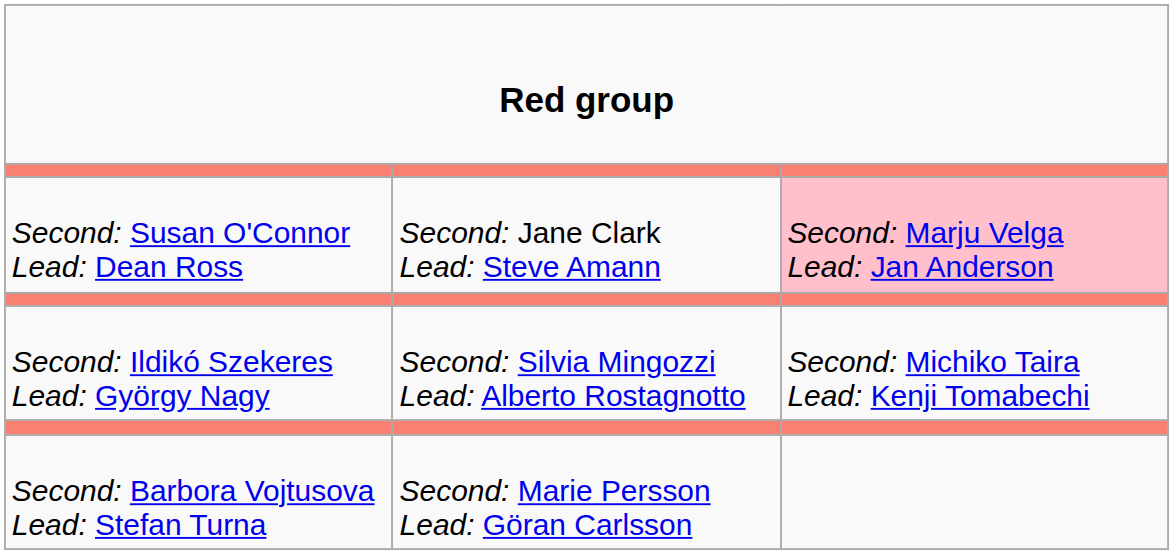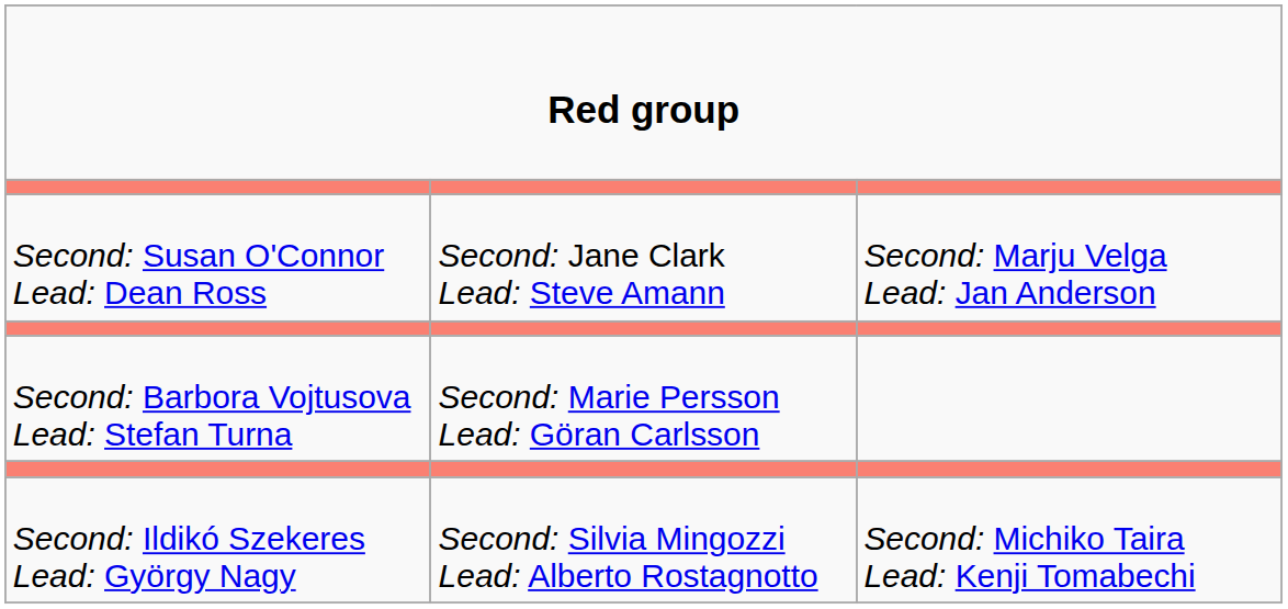 <table class="wikitable">
 <tr>
 <td align=center colspan="3"><br><h3>Red group</h3></td>
 </tr>
 <tr>
 <th style="background: #FA8072;" width="200"></th>
 <th style="background: #FA8072;" width="200"></th>
 <th style="background: #FA8072;" width="200"></th>
 </tr>
 <tr>
 <td><br><em>Second:</em> <a href='#'>Susan O'Connor</a><br> <em>Lead:</em> <a href='#'>Dean Ross</a></td>
 <td><br><em>Second:</em> Jane Clark<br> <em>Lead:</em> <a href='#'>Steve Amann</a></td>
-<td style="background: pink;"><br><em>Second:</em> <a href='#'>Marju Velga</a><br> <em>Lead:</em> <a href='#'>Jan Anderson</a></td>
+<td><br><em>Second:</em> <a href='#'>Marju Velga</a><br> <em>Lead:</em> <a href='#'>Jan Anderson</a></td>
+</tr>
+<tr>
+<th style="background: #FA8072;" width="200"></th>
+<th style="background: #FA8072;" width="200"></th>
+<th style="background: #FA8072;" width="200"></th>
+</tr>
+<tr>
+<td><br><em>Second:</em> <a href='#'>Barbora Vojtusova</a><br> <em>Lead:</em> <a href='#'>Stefan Turna</a></td>
+<td><br><em>Second:</em> <a href='#'>Marie Persson</a><br> <em>Lead:</em> <a href='#'>Göran Carlsson</a></td>
+<td></td>
 </tr>
 <tr>
 <th style="background: #FA8072;" width="200"></th>
 <th style="background: #FA8072;" width="200"></th>
 <th style="background: #FA8072;" width="200"></th>
 </tr>
 <tr>
 <td><br><em>Second:</em> <a href='#'>Ildikó Szekeres</a><br> <em>Lead:</em> <a href='#'>György Nagy</a></td>
 <td><br><em>Second:</em> <a href='#'>Silvia Mingozzi</a><br> <em>Lead:</em> <a href='#'>Alberto Rostagnotto</a></td>
 <td><br><em>Second:</em> <a href='#'>Michiko Taira</a><br> <em>Lead:</em> <a href='#'>Kenji Tomabechi</a></td>
 </tr>
-<tr>
-<th style="background: #FA8072;" width="200"></th>
-<th style="background: #FA8072;" width="200"></th>
-<th style="background: #FA8072;" width="200"></th>
-</tr>
-<tr>
-<td><br><em>Second:</em> <a href='#'>Barbora Vojtusova</a><br> <em>Lead:</em> <a href='#'>Stefan Turna</a></td>
-<td><br><em>Second:</em> <a href='#'>Marie Persson</a><br> <em>Lead:</em> <a href='#'>Göran Carlsson</a></td>
-<td></td>
-</tr>
 </table>
